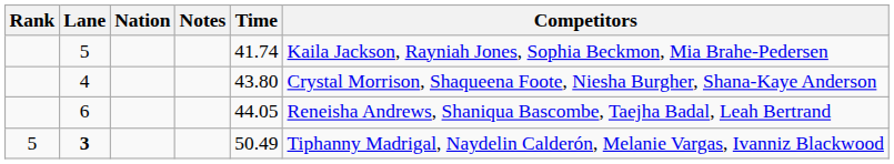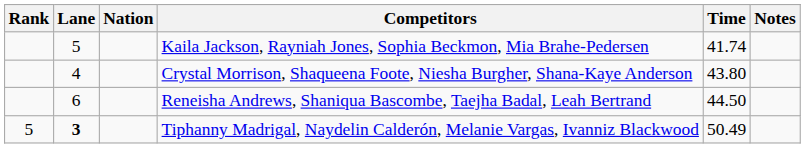 <table class="wikitable sortable" style="text-align:center">
 <tr>
 <th>Rank</th>
 <th>Lane</th>
 <th>Nation</th>
+<th>Competitors</th>
+<th>Time</th>
 <th>Notes</th>
-<th>Time</th>
-<th>Competitors</th>
 </tr>
 <tr>
 <td></td>
 <td>5</td>
 <td align=left></td>
+<td align=left><a href='#'>Kaila Jackson</a>, <a href='#'>Rayniah Jones</a>, <a href='#'>Sophia Beckmon</a>, <a href='#'>Mia Brahe-Pedersen</a></td>
+<td>41.74</td>
 <td></td>
-<td>41.74</td>
-<td align=left><a href='#'>Kaila Jackson</a>, <a href='#'>Rayniah Jones</a>, <a href='#'>Sophia Beckmon</a>, <a href='#'>Mia Brahe-Pedersen</a></td>
 </tr>
 <tr>
 <td></td>
 <td>4</td>
 <td align=left></td>
+<td align=left><a href='#'>Crystal Morrison</a>, <a href='#'>Shaqueena Foote</a>, <a href='#'>Niesha Burgher</a>, <a href='#'>Shana-Kaye Anderson</a></td>
+<td>43.80</td>
 <td></td>
-<td>43.80</td>
-<td align=left><a href='#'>Crystal Morrison</a>, <a href='#'>Shaqueena Foote</a>, <a href='#'>Niesha Burgher</a>, <a href='#'>Shana-Kaye Anderson</a></td>
 </tr>
 <tr>
 <td></td>
 <td>6</td>
 <td align=left></td>
+<td align=left><a href='#'>Reneisha Andrews</a>, <a href='#'>Shaniqua Bascombe</a>, <a href='#'>Taejha Badal</a>, <a href='#'>Leah Bertrand</a></td>
+<td>44.50</td>
 <td></td>
-<td>44.05</td>
-<td align=left><a href='#'>Reneisha Andrews</a>, <a href='#'>Shaniqua Bascombe</a>, <a href='#'>Taejha Badal</a>, <a href='#'>Leah Bertrand</a></td>
 </tr>
 <tr>
 <td>5</td>
 <td><strong>3</strong></td>
 <td align=left></td>
+<td align=left><a href='#'>Tiphanny Madrigal</a>, <a href='#'>Naydelin Calderón</a>, <a href='#'>Melanie Vargas</a>, <a href='#'>Ivanniz Blackwood </a></td>
+<td>50.49</td>
 <td></td>
-<td>50.49</td>
-<td align=left><a href='#'>Tiphanny Madrigal</a>, <a href='#'>Naydelin Calderón</a>, <a href='#'>Melanie Vargas</a>, <a href='#'>Ivanniz Blackwood </a></td>
 </tr>
 </table>
